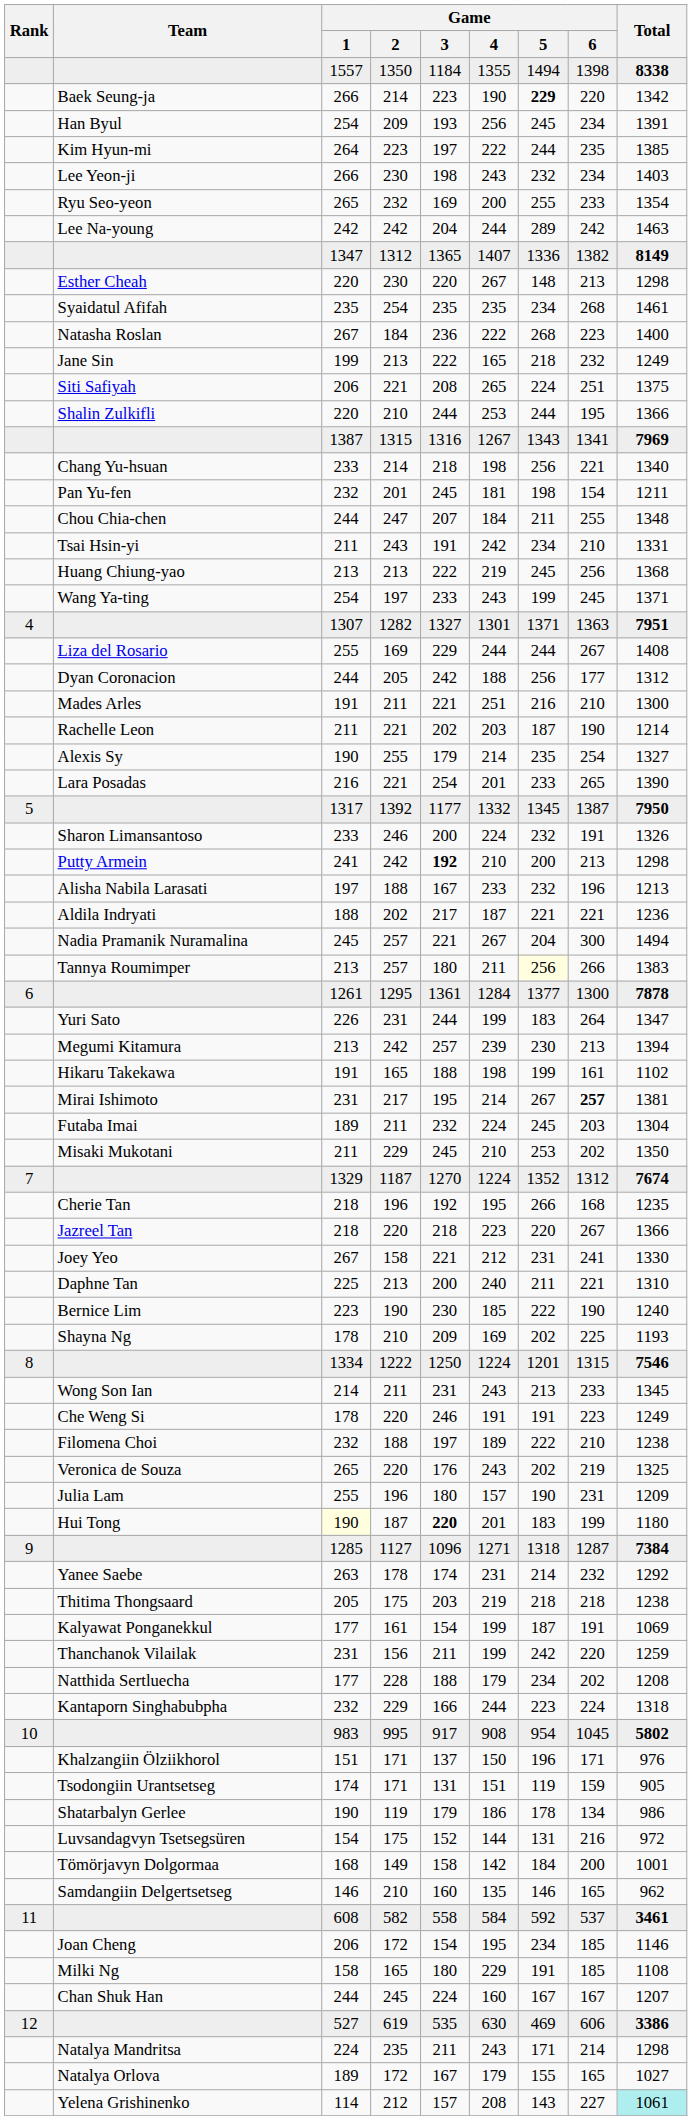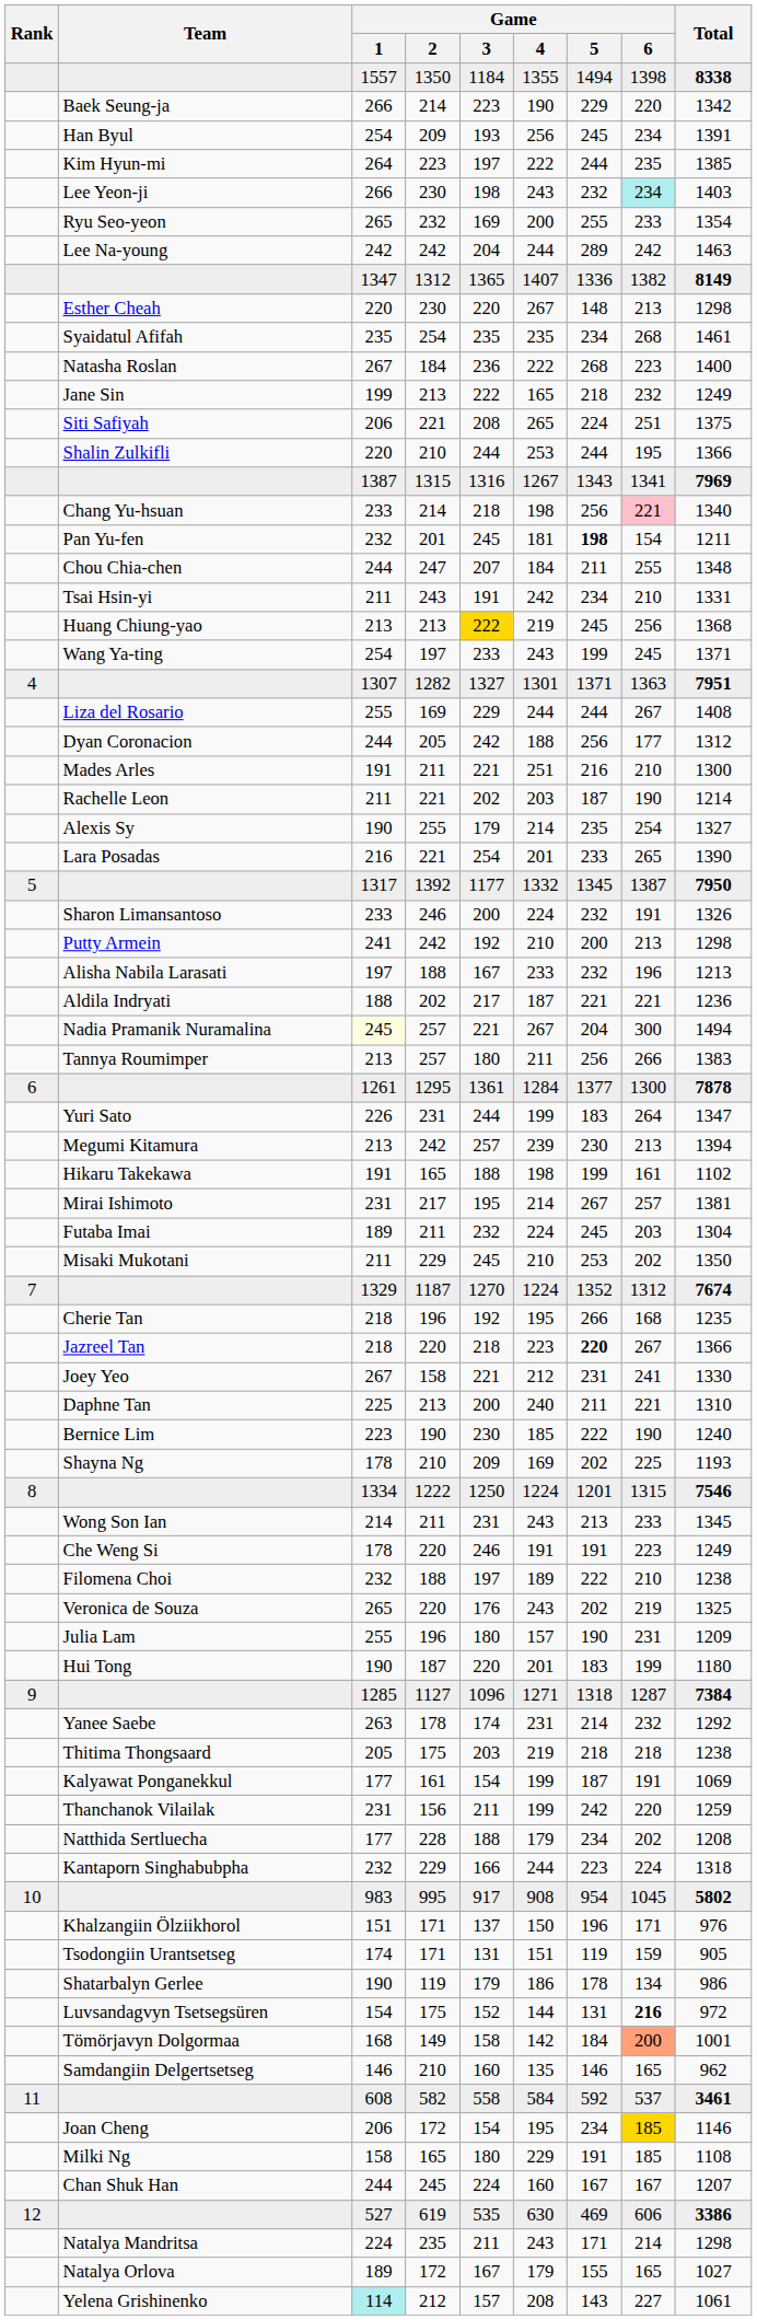 <table class=wikitable style="text-align:center">
 <tr>
 <th rowspan="2" width=40>Rank</th>
 <th rowspan="2" width=250>Team</th>
 <th colspan="6">Game</th>
 <th rowspan="2" width=60>Total</th>
 </tr>
 <tr>
 <th width=40>1</th>
 <th width=40>2</th>
 <th width=40>3</th>
 <th width=40>4</th>
 <th width=40>5</th>
 <th width=40>6</th>
 </tr>
 <tr bgcolor=eeeeee>
 <td></td>
 <td align=left></td>
 <td>1557</td>
 <td>1350</td>
 <td>1184</td>
 <td>1355</td>
 <td>1494</td>
 <td>1398</td>
 <td><strong>8338</strong></td>
 </tr>
 <tr>
 <td></td>
 <td align=left>Baek Seung-ja</td>
 <td>266</td>
 <td>214</td>
 <td>223</td>
 <td>190</td>
-<td><strong>229</strong></td>
+<td>229</td>
 <td>220</td>
 <td>1342</td>
 </tr>
 <tr>
 <td></td>
 <td align=left>Han Byul</td>
 <td>254</td>
 <td>209</td>
 <td>193</td>
 <td>256</td>
 <td>245</td>
 <td>234</td>
 <td>1391</td>
 </tr>
 <tr>
 <td></td>
 <td align=left>Kim Hyun-mi</td>
 <td>264</td>
 <td>223</td>
 <td>197</td>
 <td>222</td>
 <td>244</td>
 <td>235</td>
 <td>1385</td>
 </tr>
 <tr>
 <td></td>
 <td align=left>Lee Yeon-ji</td>
 <td>266</td>
 <td>230</td>
 <td>198</td>
 <td>243</td>
 <td>232</td>
-<td>234</td>
+<td style="background: paleturquoise;">234</td>
 <td>1403</td>
 </tr>
 <tr>
 <td></td>
 <td align=left>Ryu Seo-yeon</td>
 <td>265</td>
 <td>232</td>
 <td>169</td>
 <td>200</td>
 <td>255</td>
 <td>233</td>
 <td>1354</td>
 </tr>
 <tr>
 <td></td>
 <td align=left>Lee Na-young</td>
 <td>242</td>
 <td>242</td>
 <td>204</td>
 <td>244</td>
 <td>289</td>
 <td>242</td>
 <td>1463</td>
 </tr>
 <tr bgcolor=eeeeee>
 <td></td>
 <td align=left></td>
 <td>1347</td>
 <td>1312</td>
 <td>1365</td>
 <td>1407</td>
 <td>1336</td>
 <td>1382</td>
 <td><strong>8149</strong></td>
 </tr>
 <tr>
 <td></td>
 <td align=left><a href='#'>Esther Cheah</a></td>
 <td>220</td>
 <td>230</td>
 <td>220</td>
 <td>267</td>
 <td>148</td>
 <td>213</td>
 <td>1298</td>
 </tr>
 <tr>
 <td></td>
 <td align=left>Syaidatul Afifah</td>
 <td>235</td>
 <td>254</td>
 <td>235</td>
 <td>235</td>
 <td>234</td>
 <td>268</td>
 <td>1461</td>
 </tr>
 <tr>
 <td></td>
 <td align=left>Natasha Roslan</td>
 <td>267</td>
 <td>184</td>
 <td>236</td>
 <td>222</td>
 <td>268</td>
 <td>223</td>
 <td>1400</td>
 </tr>
 <tr>
 <td></td>
 <td align=left>Jane Sin</td>
 <td>199</td>
 <td>213</td>
 <td>222</td>
 <td>165</td>
 <td>218</td>
 <td>232</td>
 <td>1249</td>
 </tr>
 <tr>
 <td></td>
 <td align=left><a href='#'>Siti Safiyah</a></td>
 <td>206</td>
 <td>221</td>
 <td>208</td>
 <td>265</td>
 <td>224</td>
 <td>251</td>
 <td>1375</td>
 </tr>
 <tr>
 <td></td>
 <td align=left><a href='#'>Shalin Zulkifli</a></td>
 <td>220</td>
 <td>210</td>
 <td>244</td>
 <td>253</td>
 <td>244</td>
 <td>195</td>
 <td>1366</td>
 </tr>
 <tr bgcolor=eeeeee>
 <td></td>
 <td align=left></td>
 <td>1387</td>
 <td>1315</td>
 <td>1316</td>
 <td>1267</td>
 <td>1343</td>
 <td>1341</td>
 <td><strong>7969</strong></td>
 </tr>
 <tr>
 <td></td>
 <td align=left>Chang Yu-hsuan</td>
 <td>233</td>
 <td>214</td>
 <td>218</td>
 <td>198</td>
 <td>256</td>
-<td>221</td>
+<td style="background: pink;">221</td>
 <td>1340</td>
 </tr>
 <tr>
 <td></td>
 <td align=left>Pan Yu-fen</td>
 <td>232</td>
 <td>201</td>
 <td>245</td>
 <td>181</td>
-<td>198</td>
+<td><strong>198</strong></td>
 <td>154</td>
 <td>1211</td>
 </tr>
 <tr>
 <td></td>
 <td align=left>Chou Chia-chen</td>
 <td>244</td>
 <td>247</td>
 <td>207</td>
 <td>184</td>
 <td>211</td>
 <td>255</td>
 <td>1348</td>
 </tr>
 <tr>
 <td></td>
 <td align=left>Tsai Hsin-yi</td>
 <td>211</td>
 <td>243</td>
 <td>191</td>
 <td>242</td>
 <td>234</td>
 <td>210</td>
 <td>1331</td>
 </tr>
 <tr>
 <td></td>
 <td align=left>Huang Chiung-yao</td>
 <td>213</td>
 <td>213</td>
-<td>222</td>
+<td style="background: gold;">222</td>
 <td>219</td>
 <td>245</td>
 <td>256</td>
 <td>1368</td>
 </tr>
 <tr>
 <td></td>
 <td align=left>Wang Ya-ting</td>
 <td>254</td>
 <td>197</td>
 <td>233</td>
 <td>243</td>
 <td>199</td>
 <td>245</td>
 <td>1371</td>
 </tr>
 <tr bgcolor=eeeeee>
 <td>4</td>
 <td align=left></td>
 <td>1307</td>
 <td>1282</td>
 <td>1327</td>
 <td>1301</td>
 <td>1371</td>
 <td>1363</td>
 <td><strong>7951</strong></td>
 </tr>
 <tr>
 <td></td>
 <td align=left><a href='#'>Liza del Rosario</a></td>
 <td>255</td>
 <td>169</td>
 <td>229</td>
 <td>244</td>
 <td>244</td>
 <td>267</td>
 <td>1408</td>
 </tr>
 <tr>
 <td></td>
 <td align=left>Dyan Coronacion</td>
 <td>244</td>
 <td>205</td>
 <td>242</td>
 <td>188</td>
 <td>256</td>
 <td>177</td>
 <td>1312</td>
 </tr>
 <tr>
 <td></td>
 <td align=left>Mades Arles</td>
 <td>191</td>
 <td>211</td>
 <td>221</td>
 <td>251</td>
 <td>216</td>
 <td>210</td>
 <td>1300</td>
 </tr>
 <tr>
 <td></td>
 <td align=left>Rachelle Leon</td>
 <td>211</td>
 <td>221</td>
 <td>202</td>
 <td>203</td>
 <td>187</td>
 <td>190</td>
 <td>1214</td>
 </tr>
 <tr>
 <td></td>
 <td align=left>Alexis Sy</td>
 <td>190</td>
 <td>255</td>
 <td>179</td>
 <td>214</td>
 <td>235</td>
 <td>254</td>
 <td>1327</td>
 </tr>
 <tr>
 <td></td>
 <td align=left>Lara Posadas</td>
 <td>216</td>
 <td>221</td>
 <td>254</td>
 <td>201</td>
 <td>233</td>
 <td>265</td>
 <td>1390</td>
 </tr>
 <tr bgcolor=eeeeee>
 <td>5</td>
 <td align=left></td>
 <td>1317</td>
 <td>1392</td>
 <td>1177</td>
 <td>1332</td>
 <td>1345</td>
 <td>1387</td>
 <td><strong>7950</strong></td>
 </tr>
 <tr>
 <td></td>
 <td align=left>Sharon Limansantoso</td>
 <td>233</td>
 <td>246</td>
 <td>200</td>
 <td>224</td>
 <td>232</td>
 <td>191</td>
 <td>1326</td>
 </tr>
 <tr>
 <td></td>
 <td align=left><a href='#'>Putty Armein</a></td>
 <td>241</td>
 <td>242</td>
-<td><strong>192</strong></td>
+<td>192</td>
 <td>210</td>
 <td>200</td>
 <td>213</td>
 <td>1298</td>
 </tr>
 <tr>
 <td></td>
 <td align=left>Alisha Nabila Larasati</td>
 <td>197</td>
 <td>188</td>
 <td>167</td>
 <td>233</td>
 <td>232</td>
 <td>196</td>
 <td>1213</td>
 </tr>
 <tr>
 <td></td>
 <td align=left>Aldila Indryati</td>
 <td>188</td>
 <td>202</td>
 <td>217</td>
 <td>187</td>
 <td>221</td>
 <td>221</td>
 <td>1236</td>
 </tr>
 <tr>
 <td></td>
 <td align=left>Nadia Pramanik Nuramalina</td>
-<td>245</td>
+<td style="background: lightyellow;">245</td>
 <td>257</td>
 <td>221</td>
 <td>267</td>
 <td>204</td>
 <td>300</td>
 <td>1494</td>
 </tr>
 <tr>
 <td></td>
 <td align=left>Tannya Roumimper</td>
 <td>213</td>
 <td>257</td>
 <td>180</td>
 <td>211</td>
-<td style="background: lightyellow;">256</td>
+<td>256</td>
 <td>266</td>
 <td>1383</td>
 </tr>
 <tr bgcolor=eeeeee>
 <td>6</td>
 <td align=left></td>
 <td>1261</td>
 <td>1295</td>
 <td>1361</td>
 <td>1284</td>
 <td>1377</td>
 <td>1300</td>
 <td><strong>7878</strong></td>
 </tr>
 <tr>
 <td></td>
 <td align=left>Yuri Sato</td>
 <td>226</td>
 <td>231</td>
 <td>244</td>
 <td>199</td>
 <td>183</td>
 <td>264</td>
 <td>1347</td>
 </tr>
 <tr>
 <td></td>
 <td align=left>Megumi Kitamura</td>
 <td>213</td>
 <td>242</td>
 <td>257</td>
 <td>239</td>
 <td>230</td>
 <td>213</td>
 <td>1394</td>
 </tr>
 <tr>
 <td></td>
 <td align=left>Hikaru Takekawa</td>
 <td>191</td>
 <td>165</td>
 <td>188</td>
 <td>198</td>
 <td>199</td>
 <td>161</td>
 <td>1102</td>
 </tr>
 <tr>
 <td></td>
 <td align=left>Mirai Ishimoto</td>
 <td>231</td>
 <td>217</td>
 <td>195</td>
 <td>214</td>
 <td>267</td>
-<td><strong>257</strong></td>
+<td>257</td>
 <td>1381</td>
 </tr>
 <tr>
 <td></td>
 <td align=left>Futaba Imai</td>
 <td>189</td>
 <td>211</td>
 <td>232</td>
 <td>224</td>
 <td>245</td>
 <td>203</td>
 <td>1304</td>
 </tr>
 <tr>
 <td></td>
 <td align=left>Misaki Mukotani</td>
 <td>211</td>
 <td>229</td>
 <td>245</td>
 <td>210</td>
 <td>253</td>
 <td>202</td>
 <td>1350</td>
 </tr>
 <tr bgcolor=eeeeee>
 <td>7</td>
 <td align=left></td>
 <td>1329</td>
 <td>1187</td>
 <td>1270</td>
 <td>1224</td>
 <td>1352</td>
 <td>1312</td>
 <td><strong>7674</strong></td>
 </tr>
 <tr>
 <td></td>
 <td align=left>Cherie Tan</td>
 <td>218</td>
 <td>196</td>
 <td>192</td>
 <td>195</td>
 <td>266</td>
 <td>168</td>
 <td>1235</td>
 </tr>
 <tr>
 <td></td>
 <td align=left><a href='#'>Jazreel Tan</a></td>
 <td>218</td>
 <td>220</td>
 <td>218</td>
 <td>223</td>
-<td>220</td>
+<td><strong>220</strong></td>
 <td>267</td>
 <td>1366</td>
 </tr>
 <tr>
 <td></td>
 <td align=left>Joey Yeo</td>
 <td>267</td>
 <td>158</td>
 <td>221</td>
 <td>212</td>
 <td>231</td>
 <td>241</td>
 <td>1330</td>
 </tr>
 <tr>
 <td></td>
 <td align=left>Daphne Tan</td>
 <td>225</td>
 <td>213</td>
 <td>200</td>
 <td>240</td>
 <td>211</td>
 <td>221</td>
 <td>1310</td>
 </tr>
 <tr>
 <td></td>
 <td align=left>Bernice Lim</td>
 <td>223</td>
 <td>190</td>
 <td>230</td>
 <td>185</td>
 <td>222</td>
 <td>190</td>
 <td>1240</td>
 </tr>
 <tr>
 <td></td>
 <td align=left>Shayna Ng</td>
 <td>178</td>
 <td>210</td>
 <td>209</td>
 <td>169</td>
 <td>202</td>
 <td>225</td>
 <td>1193</td>
 </tr>
 <tr bgcolor=eeeeee>
 <td>8</td>
 <td align=left></td>
 <td>1334</td>
 <td>1222</td>
 <td>1250</td>
 <td>1224</td>
 <td>1201</td>
 <td>1315</td>
 <td><strong>7546</strong></td>
 </tr>
 <tr>
 <td></td>
 <td align=left>Wong Son Ian</td>
 <td>214</td>
 <td>211</td>
 <td>231</td>
 <td>243</td>
 <td>213</td>
 <td>233</td>
 <td>1345</td>
 </tr>
 <tr>
 <td></td>
 <td align=left>Che Weng Si</td>
 <td>178</td>
 <td>220</td>
 <td>246</td>
 <td>191</td>
 <td>191</td>
 <td>223</td>
 <td>1249</td>
 </tr>
 <tr>
 <td></td>
 <td align=left>Filomena Choi</td>
 <td>232</td>
 <td>188</td>
 <td>197</td>
 <td>189</td>
 <td>222</td>
 <td>210</td>
 <td>1238</td>
 </tr>
 <tr>
 <td></td>
 <td align=left>Veronica de Souza</td>
 <td>265</td>
 <td>220</td>
 <td>176</td>
 <td>243</td>
 <td>202</td>
 <td>219</td>
 <td>1325</td>
 </tr>
 <tr>
 <td></td>
 <td align=left>Julia Lam</td>
 <td>255</td>
 <td>196</td>
 <td>180</td>
 <td>157</td>
 <td>190</td>
 <td>231</td>
 <td>1209</td>
 </tr>
 <tr>
 <td></td>
 <td align=left>Hui Tong</td>
-<td style="background: lightyellow;">190</td>
+<td>190</td>
 <td>187</td>
-<td><strong>220</strong></td>
+<td>220</td>
 <td>201</td>
 <td>183</td>
 <td>199</td>
 <td>1180</td>
 </tr>
 <tr bgcolor=eeeeee>
 <td>9</td>
 <td align=left></td>
 <td>1285</td>
 <td>1127</td>
 <td>1096</td>
 <td>1271</td>
 <td>1318</td>
 <td>1287</td>
 <td><strong>7384</strong></td>
 </tr>
 <tr>
 <td></td>
 <td align=left>Yanee Saebe</td>
 <td>263</td>
 <td>178</td>
 <td>174</td>
 <td>231</td>
 <td>214</td>
 <td>232</td>
 <td>1292</td>
 </tr>
 <tr>
 <td></td>
 <td align=left>Thitima Thongsaard</td>
 <td>205</td>
 <td>175</td>
 <td>203</td>
 <td>219</td>
 <td>218</td>
 <td>218</td>
 <td>1238</td>
 </tr>
 <tr>
 <td></td>
 <td align=left>Kalyawat Ponganekkul</td>
 <td>177</td>
 <td>161</td>
 <td>154</td>
 <td>199</td>
 <td>187</td>
 <td>191</td>
 <td>1069</td>
 </tr>
 <tr>
 <td></td>
 <td align=left>Thanchanok Vilailak</td>
 <td>231</td>
 <td>156</td>
 <td>211</td>
 <td>199</td>
 <td>242</td>
 <td>220</td>
 <td>1259</td>
 </tr>
 <tr>
 <td></td>
 <td align=left>Natthida Sertluecha</td>
 <td>177</td>
 <td>228</td>
 <td>188</td>
 <td>179</td>
 <td>234</td>
 <td>202</td>
 <td>1208</td>
 </tr>
 <tr>
 <td></td>
 <td align=left>Kantaporn Singhabubpha</td>
 <td>232</td>
 <td>229</td>
 <td>166</td>
 <td>244</td>
 <td>223</td>
 <td>224</td>
 <td>1318</td>
 </tr>
 <tr bgcolor=eeeeee>
 <td>10</td>
 <td align=left></td>
 <td>983</td>
 <td>995</td>
 <td>917</td>
 <td>908</td>
 <td>954</td>
 <td>1045</td>
 <td><strong>5802</strong></td>
 </tr>
 <tr>
 <td></td>
 <td align=left>Khalzangiin Ölziikhorol</td>
 <td>151</td>
 <td>171</td>
 <td>137</td>
 <td>150</td>
 <td>196</td>
 <td>171</td>
 <td>976</td>
 </tr>
 <tr>
 <td></td>
 <td align=left>Tsodongiin Urantsetseg</td>
 <td>174</td>
 <td>171</td>
 <td>131</td>
 <td>151</td>
 <td>119</td>
 <td>159</td>
 <td>905</td>
 </tr>
 <tr>
 <td></td>
 <td align=left>Shatarbalyn Gerlee</td>
 <td>190</td>
 <td>119</td>
 <td>179</td>
 <td>186</td>
 <td>178</td>
 <td>134</td>
 <td>986</td>
 </tr>
 <tr>
 <td></td>
 <td align=left>Luvsandagvyn Tsetsegsüren</td>
 <td>154</td>
 <td>175</td>
 <td>152</td>
 <td>144</td>
 <td>131</td>
-<td>216</td>
+<td><strong>216</strong></td>
 <td>972</td>
 </tr>
 <tr>
 <td></td>
 <td align=left>Tömörjavyn Dolgormaa</td>
 <td>168</td>
 <td>149</td>
 <td>158</td>
 <td>142</td>
 <td>184</td>
-<td>200</td>
+<td style="background: lightsalmon;">200</td>
 <td>1001</td>
 </tr>
 <tr>
 <td></td>
 <td align=left>Samdangiin Delgertsetseg</td>
 <td>146</td>
 <td>210</td>
 <td>160</td>
 <td>135</td>
 <td>146</td>
 <td>165</td>
 <td>962</td>
 </tr>
 <tr bgcolor=eeeeee>
 <td>11</td>
 <td align=left></td>
 <td>608</td>
 <td>582</td>
 <td>558</td>
 <td>584</td>
 <td>592</td>
 <td>537</td>
 <td><strong>3461</strong></td>
 </tr>
 <tr>
 <td></td>
 <td align=left>Joan Cheng</td>
 <td>206</td>
 <td>172</td>
 <td>154</td>
 <td>195</td>
 <td>234</td>
-<td>185</td>
+<td style="background: gold;">185</td>
 <td>1146</td>
 </tr>
 <tr>
 <td></td>
 <td align=left>Milki Ng</td>
 <td>158</td>
 <td>165</td>
 <td>180</td>
 <td>229</td>
 <td>191</td>
 <td>185</td>
 <td>1108</td>
 </tr>
 <tr>
 <td></td>
 <td align=left>Chan Shuk Han</td>
 <td>244</td>
 <td>245</td>
 <td>224</td>
 <td>160</td>
 <td>167</td>
 <td>167</td>
 <td>1207</td>
 </tr>
 <tr bgcolor=eeeeee>
 <td>12</td>
 <td align=left></td>
 <td>527</td>
 <td>619</td>
 <td>535</td>
 <td>630</td>
 <td>469</td>
 <td>606</td>
 <td><strong>3386</strong></td>
 </tr>
 <tr>
 <td></td>
 <td align=left>Natalya Mandritsa</td>
 <td>224</td>
 <td>235</td>
 <td>211</td>
 <td>243</td>
 <td>171</td>
 <td>214</td>
 <td>1298</td>
 </tr>
 <tr>
 <td></td>
 <td align=left>Natalya Orlova</td>
 <td>189</td>
 <td>172</td>
 <td>167</td>
 <td>179</td>
 <td>155</td>
 <td>165</td>
 <td>1027</td>
 </tr>
 <tr>
 <td></td>
 <td align=left>Yelena Grishinenko</td>
-<td>114</td>
+<td style="background: paleturquoise;">114</td>
 <td>212</td>
 <td>157</td>
 <td>208</td>
 <td>143</td>
 <td>227</td>
-<td style="background: paleturquoise;">1061</td>
+<td>1061</td>
 </tr>
 </table>
